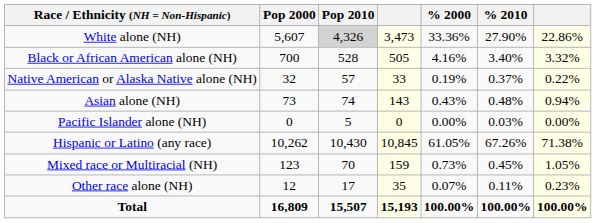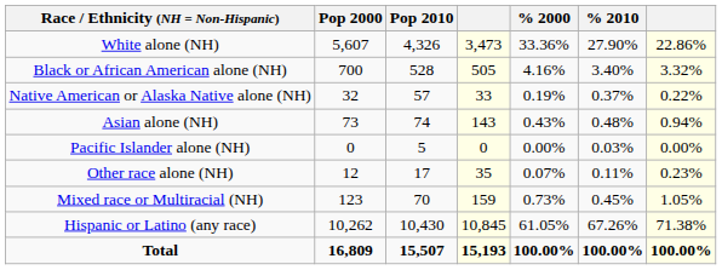 <table class="wikitable" style="text-align:center;">
 <tr>
 <th>Race / Ethnicity <small>(<em>NH = Non-Hispanic</em>)</small></th>
 <th>Pop 2000</th>
 <th>Pop 2010</th>
 <th></th>
 <th>% 2000</th>
 <th>% 2010</th>
 <th></th>
 </tr>
 <tr>
 <td><a href='#'>White</a> alone (NH)</td>
 <td>5,607</td>
-<td style="background: lightgrey;">4,326</td>
+<td>4,326</td>
 <td style='background: #ffffe6;'>3,473</td>
 <td>33.36%</td>
 <td>27.90%</td>
 <td style='background: #ffffe6;'>22.86%</td>
 </tr>
 <tr>
 <td><a href='#'>Black or African American</a> alone (NH)</td>
 <td>700</td>
 <td>528</td>
 <td style='background: #ffffe6;'>505</td>
 <td>4.16%</td>
 <td>3.40%</td>
 <td style='background: #ffffe6;'>3.32%</td>
 </tr>
 <tr>
 <td><a href='#'>Native American</a> or <a href='#'>Alaska Native</a> alone (NH)</td>
 <td>32</td>
 <td>57</td>
 <td style='background: #ffffe6;'>33</td>
 <td>0.19%</td>
 <td>0.37%</td>
 <td style='background: #ffffe6;'>0.22%</td>
 </tr>
 <tr>
 <td><a href='#'>Asian</a> alone (NH)</td>
 <td>73</td>
 <td>74</td>
 <td style='background: #ffffe6;'>143</td>
 <td>0.43%</td>
 <td>0.48%</td>
 <td style='background: #ffffe6;'>0.94%</td>
 </tr>
 <tr>
 <td><a href='#'>Pacific Islander</a> alone (NH)</td>
 <td>0</td>
 <td>5</td>
 <td style='background: #ffffe6;'>0</td>
 <td>0.00%</td>
 <td>0.03%</td>
 <td style='background: #ffffe6;'>0.00%</td>
 </tr>
 <tr>
-<td><a href='#'>Hispanic or Latino</a> (any race)</td>
-<td>10,262</td>
-<td>10,430</td>
-<td style='background: #ffffe6;'>10,845</td>
-<td>61.05%</td>
-<td>67.26%</td>
-<td style='background: #ffffe6;'>71.38%</td>
+<td><a href='#'>Other race</a> alone (NH)</td>
+<td>12</td>
+<td>17</td>
+<td style='background: #ffffe6;'>35</td>
+<td>0.07%</td>
+<td>0.11%</td>
+<td style='background: #ffffe6;'>0.23%</td>
 </tr>
 <tr>
 <td><a href='#'>Mixed race or Multiracial</a> (NH)</td>
 <td>123</td>
 <td>70</td>
 <td style='background: #ffffe6;'>159</td>
 <td>0.73%</td>
 <td>0.45%</td>
 <td style='background: #ffffe6;'>1.05%</td>
 </tr>
 <tr>
-<td><a href='#'>Other race</a> alone (NH)</td>
-<td>12</td>
-<td>17</td>
-<td style='background: #ffffe6;'>35</td>
-<td>0.07%</td>
-<td>0.11%</td>
-<td style='background: #ffffe6;'>0.23%</td>
+<td><a href='#'>Hispanic or Latino</a> (any race)</td>
+<td>10,262</td>
+<td>10,430</td>
+<td style='background: #ffffe6;'>10,845</td>
+<td>61.05%</td>
+<td>67.26%</td>
+<td style='background: #ffffe6;'>71.38%</td>
 </tr>
 <tr>
 <td><strong>Total</strong></td>
 <td><strong>16,809</strong></td>
 <td><strong>15,507</strong></td>
 <td style='background: #ffffe6;'><strong>15,193</strong></td>
 <td><strong>100.00%</strong></td>
 <td><strong>100.00%</strong></td>
 <td style='background: #ffffe6;'><strong>100.00%</strong></td>
 </tr>
 </table>
